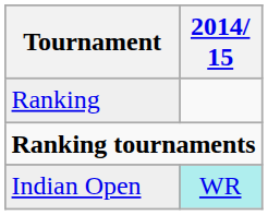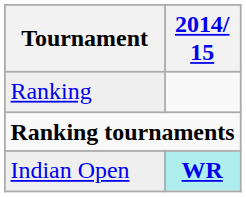 <table class="wikitable" style="font-size:85%;">
 <tr>
 <th>Tournament</th>
 <th><a href='#'>2014/<br>15</a></th>
 </tr>
 <tr>
 <td style="background:#EFEFEF;"><a href='#'>Ranking</a></td>
 <td align="center"></td>
 </tr>
 <tr>
 <td colspan="10"><strong>Ranking tournaments</strong></td>
 </tr>
 <tr>
 <td style="background:#EFEFEF;"><a href='#'>Indian Open</a></td>
-<td align="center" style="background:#afeeee;"><a href='#'>WR</a></td>
+<td align="center" style="background:#afeeee;"><strong><a href='#'>WR</a></strong></td>
 </tr>
 </table>
